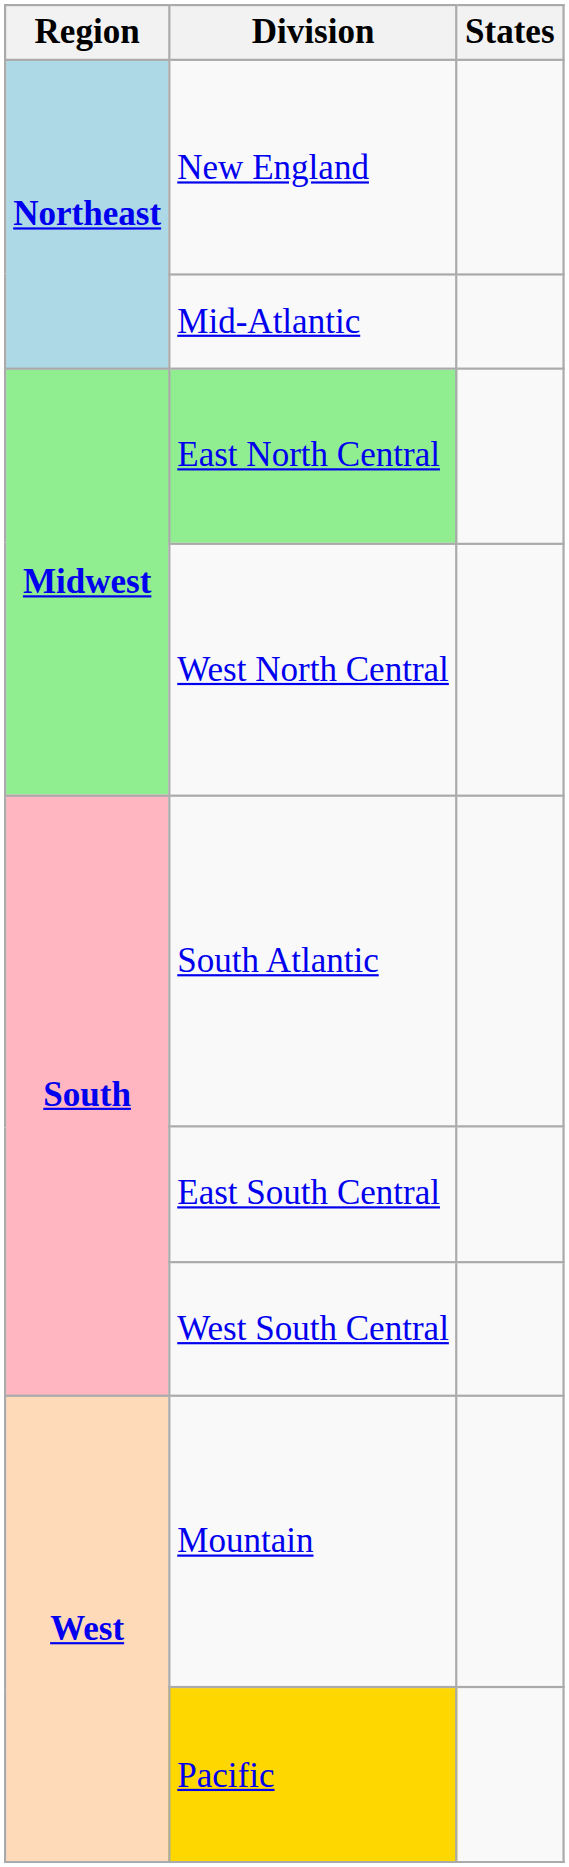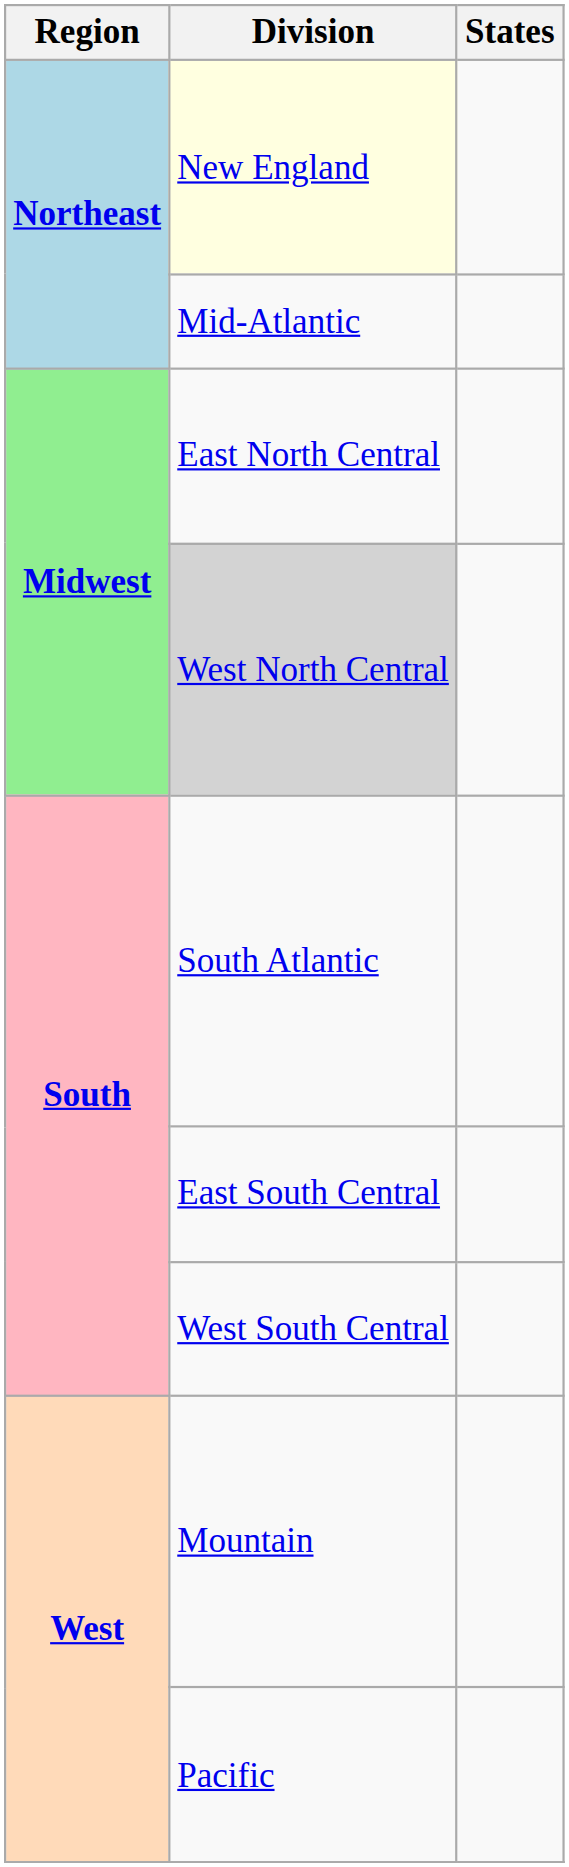 <table class="wikitable" style="text-align:left;">
 <tr>
 <th>Region</th>
 <th>Division</th>
 <th>States</th>
 </tr>
 <tr>
 <th rowspan="2" style="background:#ADD8E6;"><a href='#'>Northeast</a></th>
-<td><a href='#'>New England</a></td>
+<td style="background: lightyellow;"><a href='#'>New England</a></td>
 <td><br><br><br><br><br></td>
 </tr>
 <tr>
 <td><a href='#'>Mid-Atlantic</a></td>
 <td><br><br></td>
 </tr>
 <tr>
 <th rowspan="2" style="background:#90EE90;"><a href='#'>Midwest</a></th>
-<td style="background: lightgreen;"><a href='#'>East North Central</a></td>
+<td><a href='#'>East North Central</a></td>
 <td><br><br><br><br></td>
 </tr>
 <tr>
-<td><a href='#'>West North Central</a></td>
+<td style="background: lightgrey;"><a href='#'>West North Central</a></td>
 <td><br><br><br><br><br><br></td>
 </tr>
 <tr>
 <th rowspan="3" style="background:#FFB6C1;"><a href='#'>South</a></th>
 <td><a href='#'>South Atlantic</a></td>
 <td><br><br><br><br><br><br><br><br></td>
 </tr>
 <tr>
 <td><a href='#'>East South Central</a></td>
 <td><br><br><br></td>
 </tr>
 <tr>
 <td><a href='#'>West South Central</a></td>
 <td><br><br><br></td>
 </tr>
 <tr>
 <th rowspan="2" style="background:#FFDAB9;"><a href='#'>West</a></th>
 <td><a href='#'>Mountain</a></td>
 <td><br><br><br><br><br><br><br></td>
 </tr>
 <tr>
-<td style="background: gold;"><a href='#'>Pacific</a></td>
+<td><a href='#'>Pacific</a></td>
 <td><br><br><br><br></td>
 </tr>
 <tr>
 </tr>
 </table>
